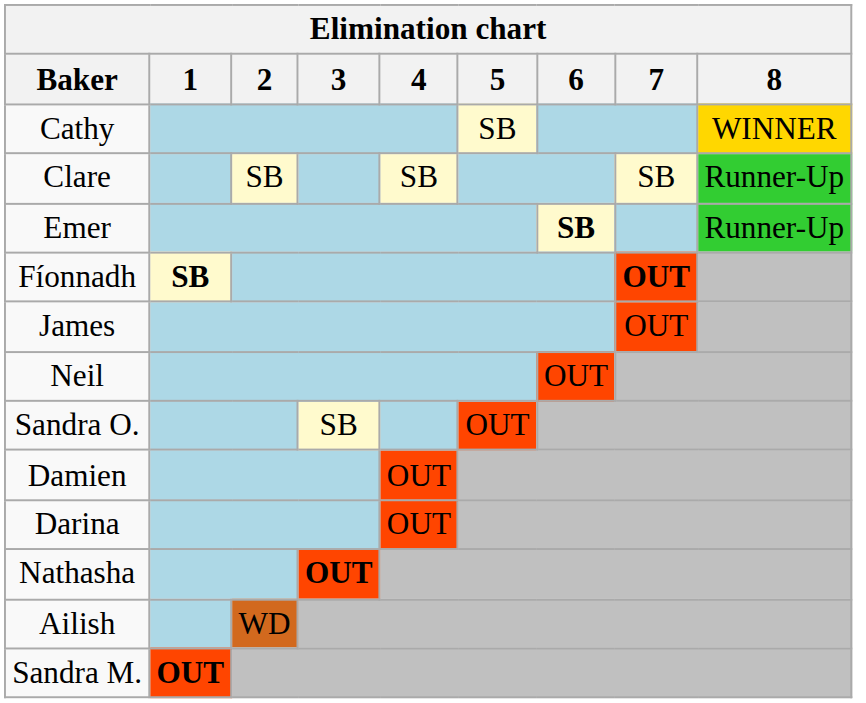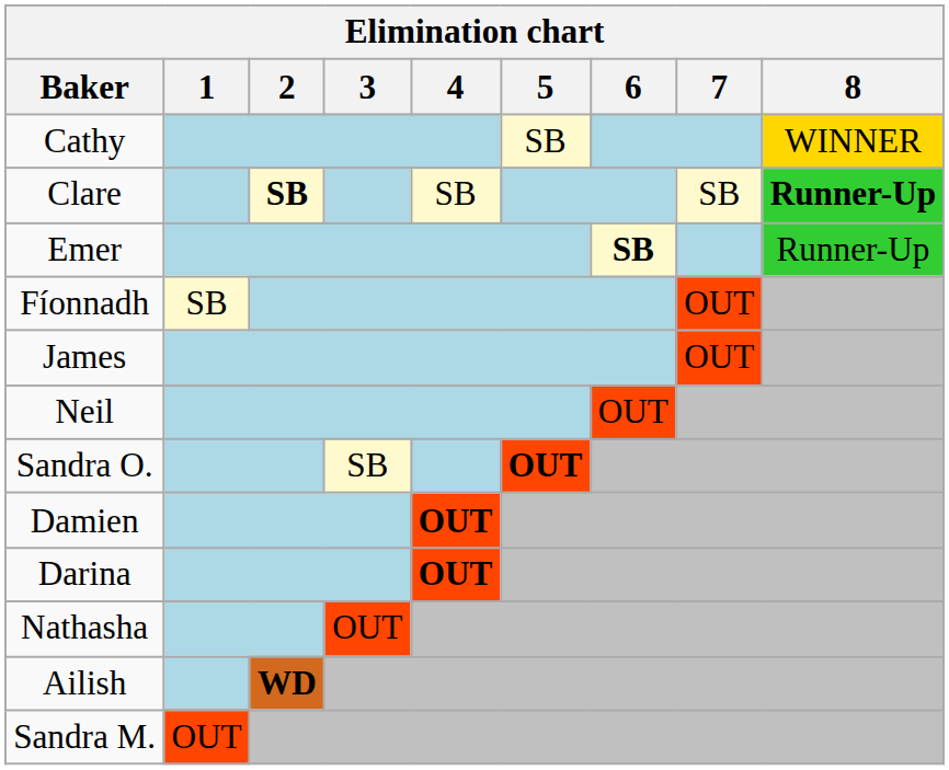 <table class="wikitable" style="text-align:center">
 <tr>
 <th colspan="16">Elimination chart</th>
 </tr>
 <tr>
 <th>Baker</th>
 <th>1</th>
 <th>2</th>
 <th>3</th>
 <th>4</th>
 <th>5</th>
 <th>6</th>
 <th>7</th>
 <th>8</th>
 </tr>
 <tr>
 <td>Cathy</td>
 <td colspan="4" style="background:Lightblue;"></td>
 <td style="background:LemonChiffon;">SB</td>
 <td colspan="2" style="background:Lightblue;"></td>
 <td style="background:gold;">WINNER</td>
 </tr>
 <tr>
 <td>Clare</td>
 <td colspan="1" style="background:Lightblue;"></td>
-<td style="background:LemonChiffon;">SB</td>
+<td style="background:LemonChiffon;"><strong>SB</strong></td>
 <td colspan="1" style="background:Lightblue;"></td>
 <td style="background:LemonChiffon;">SB</td>
 <td colspan="2" style="background:Lightblue;"></td>
 <td style="background:LemonChiffon;">SB</td>
-<td style="background:limegreen;">Runner-Up</td>
+<td style="background:limegreen;"><strong>Runner-Up</strong></td>
 </tr>
 <tr>
 <td>Emer</td>
 <td colspan="5" style="background:Lightblue;"></td>
 <td style="background:LemonChiffon;"><strong>SB</strong></td>
 <td colspan="1" style="background:Lightblue;"></td>
 <td style="background:limegreen;">Runner-Up</td>
 </tr>
 <tr>
 <td>Fíonnadh</td>
-<td style="background:LemonChiffon;"><strong>SB</strong></td>
+<td style="background:LemonChiffon;">SB</td>
 <td colspan="5" style="background:Lightblue;"></td>
-<td style="background:OrangeRed;"><strong>OUT</strong></td>
+<td style="background:OrangeRed;">OUT</td>
 <td colspan="1" style="background:Silver;"></td>
 </tr>
 <tr>
 <td>James</td>
 <td colspan="6" style="background:Lightblue;"></td>
 <td style="background:OrangeRed;">OUT</td>
 <td colspan="1" style="background:Silver;"></td>
 </tr>
 <tr>
 <td>Neil</td>
 <td colspan="5" style="background:Lightblue;"></td>
 <td style="background:OrangeRed;">OUT</td>
 <td colspan="2" style="background:Silver;"></td>
 </tr>
 <tr>
 <td>Sandra O.</td>
 <td colspan="2" style="background:Lightblue;"></td>
 <td style="background:LemonChiffon;">SB</td>
 <td colspan="1" style="background:Lightblue;"></td>
-<td style="background:OrangeRed;">OUT</td>
+<td style="background:OrangeRed;"><strong>OUT</strong></td>
 <td colspan="3" style="background:Silver;"></td>
 </tr>
 <tr>
 <td>Damien</td>
 <td colspan="3" style="background:Lightblue;"></td>
-<td style="background:OrangeRed;">OUT</td>
+<td style="background:OrangeRed;"><strong>OUT</strong></td>
 <td colspan="4" style="background:Silver;"></td>
 </tr>
 <tr>
 <td>Darina</td>
 <td colspan="3" style="background:Lightblue;"></td>
-<td style="background:OrangeRed;">OUT</td>
+<td style="background:OrangeRed;"><strong>OUT</strong></td>
 <td colspan="4" style="background:Silver;"></td>
 </tr>
 <tr>
 <td>Nathasha</td>
 <td colspan="2" style="background:Lightblue;"></td>
-<td style="background:OrangeRed;"><strong>OUT</strong></td>
+<td style="background:OrangeRed;">OUT</td>
 <td colspan="5" style="background:Silver;"></td>
 </tr>
 <tr>
 <td>Ailish</td>
 <td colspan="1" style="background:Lightblue;"></td>
-<td style="background:Chocolate;">WD</td>
+<td style="background:Chocolate;"><strong>WD</strong></td>
 <td colspan="6" style="background:Silver;"></td>
 </tr>
 <tr>
 <td>Sandra M.</td>
-<td style="background:OrangeRed;"><strong>OUT</strong></td>
+<td style="background:OrangeRed;">OUT</td>
 <td colspan="7" style="background:Silver;"></td>
 </tr>
 </table>
